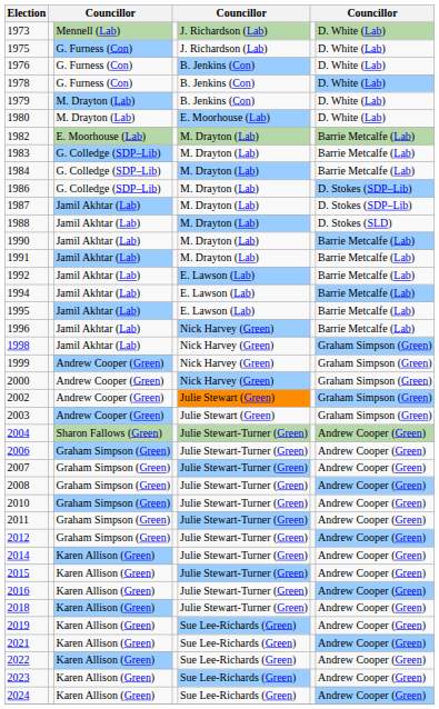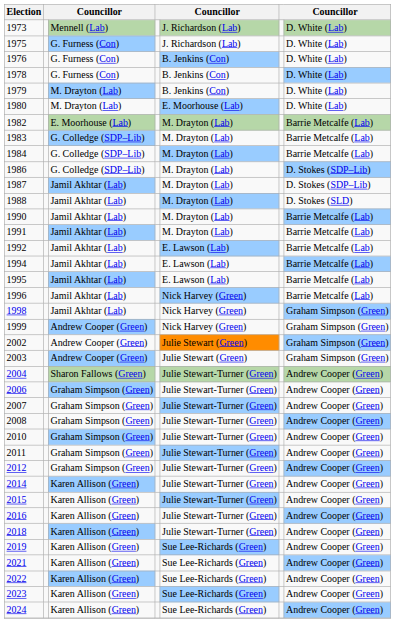 <table class="wikitable">
 <tr>
 <th>Election</th>
 <th colspan="2">Councillor</th>
 <th colspan="2">Councillor</th>
 <th colspan="2">Councillor</th>
 </tr>
 <tr>
 <td>1973</td>
 <td style="background-color: "></td>
 <td bgcolor="#B6D7A8">Mennell (<a href='#'>Lab</a>)</td>
 <td style="background-color: "></td>
 <td bgcolor="#B6D7A8">J. Richardson (<a href='#'>Lab</a>)</td>
 <td style="background-color: "></td>
 <td bgcolor="#B6D7A8">D. White (<a href='#'>Lab</a>)</td>
 </tr>
 <tr>
 <td>1975</td>
 <td style="background-color: "></td>
 <td bgcolor="#99CCFF">G. Furness (<a href='#'>Con</a>)</td>
 <td style="background-color: "></td>
 <td>J. Richardson (<a href='#'>Lab</a>)</td>
 <td style="background-color: "></td>
 <td>D. White (<a href='#'>Lab</a>)</td>
 </tr>
 <tr>
 <td>1976</td>
 <td style="background-color: "></td>
 <td>G. Furness (<a href='#'>Con</a>)</td>
 <td style="background-color: "></td>
 <td bgcolor="#99CCFF">B. Jenkins (<a href='#'>Con</a>)</td>
 <td style="background-color: "></td>
 <td>D. White (<a href='#'>Lab</a>)</td>
 </tr>
 <tr>
 <td>1978</td>
 <td style="background-color: "></td>
 <td>G. Furness (<a href='#'>Con</a>)</td>
 <td style="background-color: "></td>
 <td>B. Jenkins (<a href='#'>Con</a>)</td>
 <td style="background-color: "></td>
 <td bgcolor="#99CCFF">D. White (<a href='#'>Lab</a>)</td>
 </tr>
 <tr>
 <td>1979</td>
 <td style="background-color: "></td>
 <td bgcolor="#99CCFF">M. Drayton (<a href='#'>Lab</a>)</td>
 <td style="background-color: "></td>
 <td>B. Jenkins (<a href='#'>Con</a>)</td>
 <td style="background-color: "></td>
 <td>D. White (<a href='#'>Lab</a>)</td>
 </tr>
 <tr>
 <td>1980</td>
 <td style="background-color: "></td>
 <td>M. Drayton (<a href='#'>Lab</a>)</td>
 <td style="background-color: "></td>
 <td bgcolor="#99CCFF">E. Moorhouse (<a href='#'>Lab</a>)</td>
 <td style="background-color: "></td>
 <td>D. White (<a href='#'>Lab</a>)</td>
 </tr>
 <tr>
 <td>1982</td>
 <td style="background-color: "></td>
 <td bgcolor="#B6D7A8">E. Moorhouse (<a href='#'>Lab</a>)</td>
 <td style="background-color: "></td>
 <td bgcolor="#B6D7A8">M. Drayton (<a href='#'>Lab</a>)</td>
 <td style="background-color: "></td>
 <td bgcolor="#B6D7A8">Barrie Metcalfe (<a href='#'>Lab</a>)</td>
 </tr>
 <tr>
 <td>1983</td>
 <td style="background-color: "></td>
 <td bgcolor="#99CCFF">G. Colledge (<a href='#'>SDP–Lib</a>)</td>
 <td style="background-color: "></td>
 <td>M. Drayton (<a href='#'>Lab</a>)</td>
 <td style="background-color: "></td>
 <td>Barrie Metcalfe (<a href='#'>Lab</a>)</td>
 </tr>
 <tr>
 <td>1984</td>
 <td style="background-color: "></td>
 <td>G. Colledge (<a href='#'>SDP–Lib</a>)</td>
 <td style="background-color: "></td>
 <td bgcolor="#99CCFF">M. Drayton (<a href='#'>Lab</a>)</td>
 <td style="background-color: "></td>
 <td>Barrie Metcalfe (<a href='#'>Lab</a>)</td>
 </tr>
 <tr>
 <td>1986</td>
 <td style="background-color: "></td>
 <td>G. Colledge (<a href='#'>SDP–Lib</a>)</td>
 <td style="background-color: "></td>
 <td>M. Drayton (<a href='#'>Lab</a>)</td>
 <td style="background-color: "></td>
 <td bgcolor="#99CCFF">D. Stokes (<a href='#'>SDP–Lib</a>)</td>
 </tr>
 <tr>
 <td>1987</td>
 <td style="background-color: "></td>
 <td bgcolor="#99CCFF">Jamil Akhtar (<a href='#'>Lab</a>)</td>
 <td style="background-color: "></td>
 <td>M. Drayton (<a href='#'>Lab</a>)</td>
 <td style="background-color: "></td>
 <td>D. Stokes (<a href='#'>SDP–Lib</a>)</td>
 </tr>
 <tr>
 <td>1988</td>
 <td style="background-color: "></td>
 <td>Jamil Akhtar (<a href='#'>Lab</a>)</td>
 <td style="background-color: "></td>
 <td bgcolor="#99CCFF">M. Drayton (<a href='#'>Lab</a>)</td>
 <td style="background-color: "></td>
 <td>D. Stokes (<a href='#'>SLD</a>)</td>
 </tr>
 <tr>
 <td>1990</td>
 <td style="background-color: "></td>
 <td>Jamil Akhtar (<a href='#'>Lab</a>)</td>
 <td style="background-color: "></td>
 <td>M. Drayton (<a href='#'>Lab</a>)</td>
 <td style="background-color: "></td>
 <td bgcolor="#99CCFF">Barrie Metcalfe (<a href='#'>Lab</a>)</td>
 </tr>
 <tr>
 <td>1991</td>
 <td style="background-color: "></td>
 <td bgcolor="#99CCFF">Jamil Akhtar (<a href='#'>Lab</a>)</td>
 <td style="background-color: "></td>
 <td>M. Drayton (<a href='#'>Lab</a>)</td>
 <td style="background-color: "></td>
 <td>Barrie Metcalfe (<a href='#'>Lab</a>)</td>
 </tr>
 <tr>
 <td>1992</td>
 <td style="background-color: "></td>
 <td>Jamil Akhtar (<a href='#'>Lab</a>)</td>
 <td style="background-color: "></td>
 <td bgcolor="#99CCFF">E. Lawson (<a href='#'>Lab</a>)</td>
 <td style="background-color: "></td>
 <td>Barrie Metcalfe (<a href='#'>Lab</a>)</td>
 </tr>
 <tr>
 <td>1994</td>
 <td style="background-color: "></td>
 <td>Jamil Akhtar (<a href='#'>Lab</a>)</td>
 <td style="background-color: "></td>
 <td>E. Lawson (<a href='#'>Lab</a>)</td>
 <td style="background-color: "></td>
 <td bgcolor="#99CCFF">Barrie Metcalfe (<a href='#'>Lab</a>)</td>
 </tr>
 <tr>
 <td>1995</td>
 <td style="background-color: "></td>
 <td bgcolor="#99CCFF">Jamil Akhtar (<a href='#'>Lab</a>)</td>
 <td style="background-color: "></td>
 <td>E. Lawson (<a href='#'>Lab</a>)</td>
 <td style="background-color: "></td>
 <td>Barrie Metcalfe (<a href='#'>Lab</a>)</td>
 </tr>
 <tr>
 <td>1996</td>
 <td style="background-color: "></td>
 <td>Jamil Akhtar (<a href='#'>Lab</a>)</td>
 <td style="background-color: "></td>
 <td bgcolor="#99CCFF">Nick Harvey (<a href='#'>Green</a>)</td>
 <td style="background-color: "></td>
 <td>Barrie Metcalfe (<a href='#'>Lab</a>)</td>
 </tr>
 <tr>
 <td><a href='#'>1998</a></td>
 <td style="background-color: "></td>
 <td>Jamil Akhtar (<a href='#'>Lab</a>)</td>
 <td style="background-color: "></td>
 <td>Nick Harvey (<a href='#'>Green</a>)</td>
 <td style="background-color: "></td>
 <td bgcolor="#99CCFF">Graham Simpson (<a href='#'>Green</a>)</td>
 </tr>
 <tr>
 <td>1999</td>
 <td style="background-color: "></td>
 <td bgcolor="#99CCFF">Andrew Cooper (<a href='#'>Green</a>)</td>
 <td style="background-color: "></td>
 <td>Nick Harvey (<a href='#'>Green</a>)</td>
 <td style="background-color: "></td>
 <td>Graham Simpson (<a href='#'>Green</a>)</td>
 </tr>
 <tr>
-<td>2000</td>
-<td style="background-color: "></td>
-<td>Andrew Cooper (<a href='#'>Green</a>)</td>
-<td style="background-color: "></td>
-<td bgcolor="#99CCFF">Nick Harvey (<a href='#'>Green</a>)</td>
-<td style="background-color: "></td>
-<td>Graham Simpson (<a href='#'>Green</a>)</td>
-</tr>
-<tr>
 <td>2002</td>
 <td style="background-color: "></td>
 <td>Andrew Cooper (<a href='#'>Green</a>)</td>
 <td style="background-color: "></td>
 <td bgcolor="#FF8C00">Julie Stewart (<a href='#'>Green</a>)</td>
 <td style="background-color: "></td>
 <td bgcolor="#99CCFF">Graham Simpson (<a href='#'>Green</a>)</td>
 </tr>
 <tr>
 <td>2003</td>
 <td style="background-color: "></td>
 <td bgcolor="#99CCFF">Andrew Cooper (<a href='#'>Green</a>)</td>
 <td style="background-color: "></td>
 <td>Julie Stewart (<a href='#'>Green</a>)</td>
 <td style="background-color: "></td>
 <td>Graham Simpson (<a href='#'>Green</a>)</td>
 </tr>
 <tr>
 <td><a href='#'>2004</a></td>
 <td style="background-color: "></td>
 <td bgcolor="#B6D7A8">Sharon Fallows (<a href='#'>Green</a>)</td>
 <td style="background-color: "></td>
 <td bgcolor="#B6D7A8">Julie Stewart-Turner  (<a href='#'>Green</a>)</td>
 <td style="background-color: "></td>
 <td bgcolor="#B6D7A8">Andrew Cooper (<a href='#'>Green</a>)</td>
 </tr>
 <tr>
 <td><a href='#'>2006</a></td>
 <td style="background-color: "></td>
 <td bgcolor="#99CCFF">Graham Simpson (<a href='#'>Green</a>)</td>
 <td style="background-color: "></td>
 <td>Julie Stewart-Turner (<a href='#'>Green</a>)</td>
 <td style="background-color: "></td>
 <td>Andrew Cooper (<a href='#'>Green</a>)</td>
 </tr>
 <tr>
 <td>2007</td>
 <td style="background-color: "></td>
 <td>Graham Simpson (<a href='#'>Green</a>)</td>
 <td style="background-color: "></td>
 <td bgcolor="#99CCFF">Julie Stewart-Turner (<a href='#'>Green</a>)</td>
 <td style="background-color: "></td>
 <td>Andrew Cooper (<a href='#'>Green</a>)</td>
 </tr>
 <tr>
 <td>2008</td>
 <td style="background-color: "></td>
 <td>Graham Simpson (<a href='#'>Green</a>)</td>
 <td style="background-color: "></td>
 <td>Julie Stewart-Turner (<a href='#'>Green</a>)</td>
 <td style="background-color: "></td>
 <td bgcolor="#99CCFF">Andrew Cooper (<a href='#'>Green</a>)</td>
 </tr>
 <tr>
 <td>2010</td>
 <td style="background-color: "></td>
 <td bgcolor="#99CCFF">Graham Simpson (<a href='#'>Green</a>)</td>
 <td style="background-color: "></td>
 <td>Julie Stewart-Turner (<a href='#'>Green</a>)</td>
 <td style="background-color: "></td>
 <td>Andrew Cooper (<a href='#'>Green</a>)</td>
 </tr>
 <tr>
 <td>2011</td>
 <td style="background-color: "></td>
 <td>Graham Simpson (<a href='#'>Green</a>)</td>
 <td style="background-color: "></td>
 <td bgcolor="#99CCFF">Julie Stewart-Turner (<a href='#'>Green</a>)</td>
 <td style="background-color: "></td>
 <td>Andrew Cooper (<a href='#'>Green</a>)</td>
 </tr>
 <tr>
 <td><a href='#'>2012</a></td>
 <td style="background-color: "></td>
 <td>Graham Simpson (<a href='#'>Green</a>)</td>
 <td style="background-color: "></td>
 <td>Julie Stewart-Turner (<a href='#'>Green</a>)</td>
 <td style="background-color: "></td>
 <td bgcolor="#99CCFF">Andrew Cooper (<a href='#'>Green</a>)</td>
 </tr>
 <tr>
 <td><a href='#'>2014</a></td>
 <td style="background-color: "></td>
 <td bgcolor="#99CCFF">Karen Allison (<a href='#'>Green</a>)</td>
 <td style="background-color: "></td>
 <td>Julie Stewart-Turner (<a href='#'>Green</a>)</td>
 <td style="background-color: "></td>
 <td>Andrew Cooper (<a href='#'>Green</a>)</td>
 </tr>
 <tr>
 <td><a href='#'>2015</a></td>
 <td style="background-color: "></td>
 <td>Karen Allison (<a href='#'>Green</a>)</td>
 <td style="background-color: "></td>
 <td bgcolor="#99CCFF">Julie Stewart-Turner (<a href='#'>Green</a>)</td>
 <td style="background-color: "></td>
 <td>Andrew Cooper (<a href='#'>Green</a>)</td>
 </tr>
 <tr>
 <td><a href='#'>2016</a></td>
 <td style="background-color: "></td>
 <td>Karen Allison (<a href='#'>Green</a>)</td>
 <td style="background-color: "></td>
 <td>Julie Stewart-Turner (<a href='#'>Green</a>)</td>
 <td style="background-color: "></td>
 <td bgcolor="#99CCFF">Andrew Cooper (<a href='#'>Green</a>)</td>
 </tr>
 <tr>
 <td><a href='#'>2018</a></td>
 <td style="background-color: "></td>
 <td bgcolor="#99CCFF">Karen Allison (<a href='#'>Green</a>)</td>
 <td style="background-color: "></td>
 <td>Julie Stewart-Turner (<a href='#'>Green</a>)</td>
 <td style="background-color: "></td>
 <td>Andrew Cooper (<a href='#'>Green</a>)</td>
 </tr>
 <tr>
 <td><a href='#'>2019</a></td>
 <td style="background-color: "></td>
 <td>Karen Allison (<a href='#'>Green</a>)</td>
 <td style="background-color: "></td>
 <td bgcolor="#99CCFF">Sue Lee-Richards (<a href='#'>Green</a>)</td>
 <td style="background-color: "></td>
 <td>Andrew Cooper (<a href='#'>Green</a>)</td>
 </tr>
 <tr>
 <td><a href='#'>2021</a></td>
 <td style="background-color: "></td>
 <td>Karen Allison (<a href='#'>Green</a>)</td>
 <td style="background-color: "></td>
 <td>Sue Lee-Richards (<a href='#'>Green</a>)</td>
 <td style="background-color: "></td>
 <td bgcolor="#99CCFF">Andrew Cooper (<a href='#'>Green</a>)</td>
 </tr>
 <tr>
 <td><a href='#'>2022</a></td>
 <td style="background-color: "></td>
 <td bgcolor="#99CCFF">Karen Allison (<a href='#'>Green</a>)</td>
 <td style="background-color: "></td>
 <td>Sue Lee-Richards (<a href='#'>Green</a>)</td>
 <td style="background-color: "></td>
 <td>Andrew Cooper (<a href='#'>Green</a>)</td>
 </tr>
 <tr>
 <td><a href='#'>2023</a></td>
 <td style="background-color: "></td>
 <td>Karen Allison (<a href='#'>Green</a>)</td>
 <td style="background-color: "></td>
 <td bgcolor="#99CCFF">Sue Lee-Richards (<a href='#'>Green</a>)</td>
 <td style="background-color: "></td>
 <td>Andrew Cooper (<a href='#'>Green</a>)</td>
 </tr>
 <tr>
 <td><a href='#'>2024</a></td>
 <td style="background-color: "></td>
 <td>Karen Allison (<a href='#'>Green</a>)</td>
 <td style="background-color: "></td>
 <td>Sue Lee-Richards (<a href='#'>Green</a>)</td>
 <td style="background-color: "></td>
 <td bgcolor="#99CCFF">Andrew Cooper (<a href='#'>Green</a>)</td>
 </tr>
 <tr>
 </tr>
 </table>
